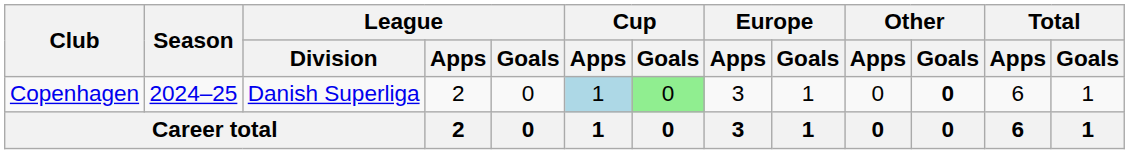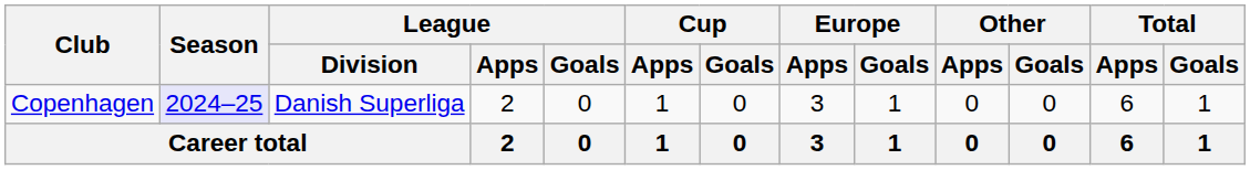 <table class="wikitable" style="text-align:center">
 <tr>
 <th rowspan="2">Club</th>
 <th rowspan="2">Season</th>
 <th colspan="3">League</th>
 <th colspan="2">Cup</th>
 <th colspan="2">Europe</th>
 <th colspan="2">Other</th>
 <th colspan="2">Total</th>
 </tr>
 <tr>
 <th>Division</th>
 <th>Apps</th>
 <th>Goals</th>
 <th>Apps</th>
 <th>Goals</th>
 <th>Apps</th>
 <th>Goals</th>
 <th>Apps</th>
 <th>Goals</th>
 <th>Apps</th>
 <th>Goals</th>
 </tr>
 <tr>
 <td><a href='#'>Copenhagen</a></td>
-<td><a href='#'>2024–25</a></td>
+<td style="background: lavender;"><a href='#'>2024–25</a></td>
 <td><a href='#'>Danish Superliga</a></td>
 <td>2</td>
 <td>0</td>
-<td style="background: lightblue;">1</td>
-<td style="background: lightgreen;">0</td>
+<td>1</td>
+<td>0</td>
 <td>3</td>
 <td>1</td>
 <td>0</td>
-<td><strong>0</strong></td>
+<td>0</td>
 <td>6</td>
 <td>1</td>
 </tr>
 <tr>
 <th colspan="3">Career total</th>
 <th>2</th>
 <th>0</th>
 <th>1</th>
 <th>0</th>
 <th>3</th>
 <th>1</th>
 <th>0</th>
 <th>0</th>
 <th>6</th>
 <th>1</th>
 </tr>
 </table>
